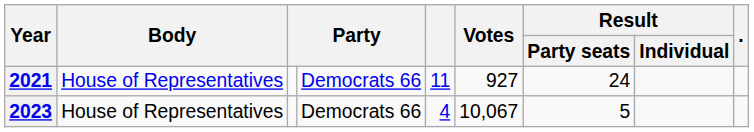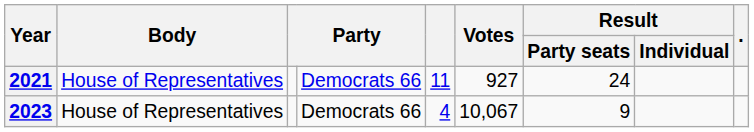 <table class="wikitable plainrowheaders sortable" border=2 cellpadding=4 cellspacing=0 style="border: 1px #aaa solid; font-size: 90%; text-align:center;">
 <tr>
 <th scope="col" rowspan=2>Year</th>
 <th scope="col" rowspan=2>Body</th>
 <th scope="col" colspan=2 rowspan=2>Party</th>
 <th scope="col" rowspan=2></th>
 <th scope="col" rowspan=2>Votes</th>
 <th scope="colgroup" colspan=2>Result</th>
 <th scope="col" rowspan=2 class="unsortable">.</th>
 </tr>
 <tr>
 <th scope="col">Party seats</th>
 <th scope="col">Individual</th>
 </tr>
 <tr>
 <th scope="row"><a href='#'>2021</a></th>
 <td><a href='#'>House of Representatives</a></td>
 <td style="background-color:"></td>
 <td><a href='#'>Democrats 66</a></td>
 <td style=text-align:right><a href='#'>11</a></td>
 <td style=text-align:right>927</td>
 <td style=text-align:right>24</td>
 <td></td>
 <td></td>
 </tr>
 <tr>
 <th scope="row"><a href='#'>2023</a></th>
 <td>House of Representatives</td>
 <td style="background-color:"></td>
 <td>Democrats 66</td>
 <td style=text-align:right><a href='#'>4</a></td>
 <td style=text-align:right>10,067</td>
-<td style=text-align:right>5</td>
+<td style=text-align:right>9</td>
 <td></td>
 <td></td>
 </tr>
 </table>
